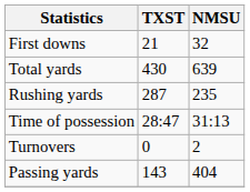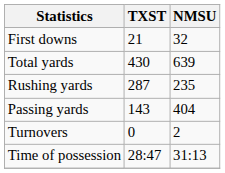 <table class="wikitable">
 <tr>
 <th>Statistics</th>
 <th>TXST</th>
 <th>NMSU</th>
 </tr>
 <tr>
 <td>First downs</td>
 <td>21</td>
 <td>32</td>
 </tr>
 <tr>
 <td>Total yards</td>
 <td>430</td>
 <td>639</td>
 </tr>
 <tr>
 <td>Rushing yards</td>
 <td>287</td>
 <td>235</td>
 </tr>
 <tr>
-<td>Time of possession</td>
-<td>28:47</td>
-<td>31:13</td>
+<td>Passing yards</td>
+<td>143</td>
+<td>404</td>
 </tr>
 <tr>
 <td>Turnovers</td>
 <td>0</td>
 <td>2</td>
 </tr>
 <tr>
-<td>Passing yards</td>
-<td>143</td>
-<td>404</td>
+<td>Time of possession</td>
+<td>28:47</td>
+<td>31:13</td>
 </tr>
 <tr>
 </tr>
 </table>
